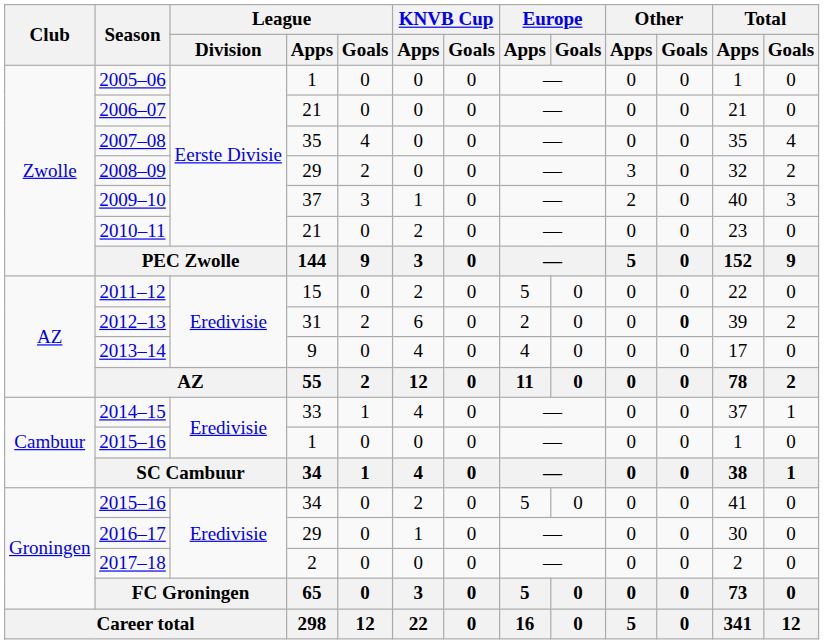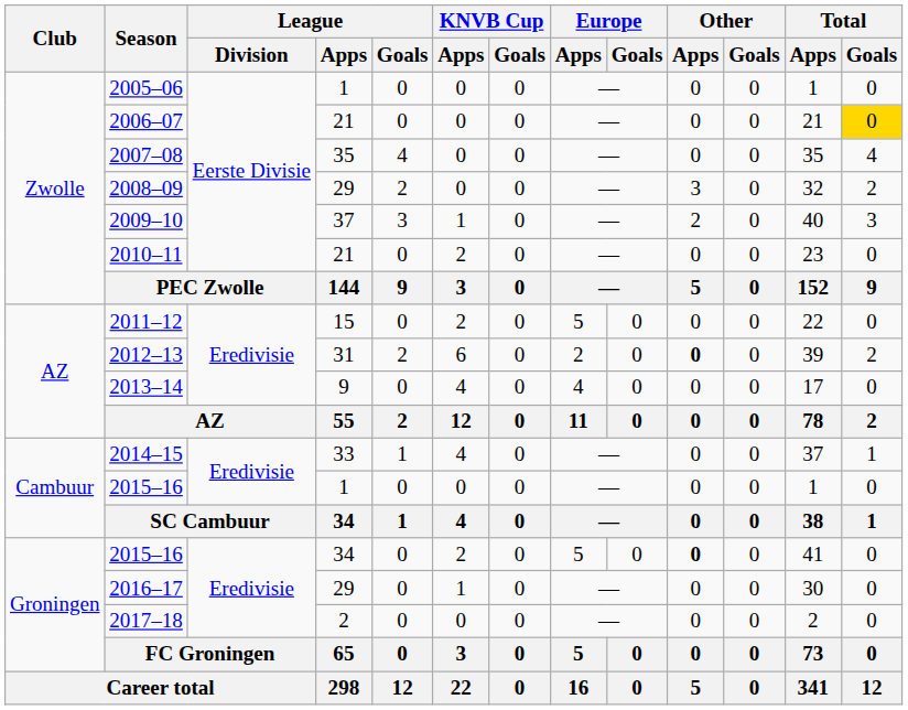 <table class="wikitable" style="text-align:center">
 <tr>
 <th rowspan="2">Club</th>
 <th rowspan="2">Season</th>
 <th colspan="3">League</th>
 <th colspan="2"><a href='#'>KNVB Cup</a></th>
 <th colspan="2"><a href='#'>Europe</a></th>
 <th colspan="2">Other</th>
 <th colspan="2">Total</th>
 </tr>
 <tr>
 <th>Division</th>
 <th>Apps</th>
 <th>Goals</th>
 <th>Apps</th>
 <th>Goals</th>
 <th>Apps</th>
 <th>Goals</th>
 <th>Apps</th>
 <th>Goals</th>
 <th>Apps</th>
 <th>Goals</th>
 </tr>
 <tr>
 <td rowspan="7"><a href='#'>Zwolle</a></td>
 <td><a href='#'>2005–06</a></td>
 <td rowspan="6"><a href='#'>Eerste Divisie</a></td>
 <td>1</td>
 <td>0</td>
 <td>0</td>
 <td>0</td>
 <td colspan="2">—</td>
 <td>0</td>
 <td>0</td>
 <td>1</td>
 <td>0</td>
 </tr>
 <tr>
 <td><a href='#'>2006–07</a></td>
 <td>21</td>
 <td>0</td>
 <td>0</td>
 <td>0</td>
 <td colspan="2">—</td>
 <td>0</td>
 <td>0</td>
 <td>21</td>
-<td>0</td>
+<td style="background: gold;">0</td>
 </tr>
 <tr>
 <td><a href='#'>2007–08</a></td>
 <td>35</td>
 <td>4</td>
 <td>0</td>
 <td>0</td>
 <td colspan="2">—</td>
 <td>0</td>
 <td>0</td>
 <td>35</td>
 <td>4</td>
 </tr>
 <tr>
 <td><a href='#'>2008–09</a></td>
 <td>29</td>
 <td>2</td>
 <td>0</td>
 <td>0</td>
 <td colspan="2">—</td>
 <td>3</td>
 <td>0</td>
 <td>32</td>
 <td>2</td>
 </tr>
 <tr>
 <td><a href='#'>2009–10</a></td>
 <td>37</td>
 <td>3</td>
 <td>1</td>
 <td>0</td>
 <td colspan="2">—</td>
 <td>2</td>
 <td>0</td>
 <td>40</td>
 <td>3</td>
 </tr>
 <tr>
 <td><a href='#'>2010–11</a></td>
 <td>21</td>
 <td>0</td>
 <td>2</td>
 <td>0</td>
 <td colspan="2">—</td>
 <td>0</td>
 <td>0</td>
 <td>23</td>
 <td>0</td>
 </tr>
 <tr>
 <th colspan="2">PEC Zwolle</th>
 <th>144</th>
 <th>9</th>
 <th>3</th>
 <th>0</th>
 <th colspan="2">—</th>
 <th>5</th>
 <th>0</th>
 <th>152</th>
 <th>9</th>
 </tr>
 <tr>
 <td rowspan="4"><a href='#'>AZ</a></td>
 <td><a href='#'>2011–12</a></td>
 <td rowspan="3"><a href='#'>Eredivisie</a></td>
 <td>15</td>
 <td>0</td>
 <td>2</td>
 <td>0</td>
 <td>5</td>
 <td>0</td>
 <td>0</td>
 <td>0</td>
 <td>22</td>
 <td>0</td>
 </tr>
 <tr>
 <td><a href='#'>2012–13</a></td>
 <td>31</td>
 <td>2</td>
 <td>6</td>
 <td>0</td>
 <td>2</td>
 <td>0</td>
+<td><strong>0</strong></td>
 <td>0</td>
-<td><strong>0</strong></td>
 <td>39</td>
 <td>2</td>
 </tr>
 <tr>
 <td><a href='#'>2013–14</a></td>
 <td>9</td>
 <td>0</td>
 <td>4</td>
 <td>0</td>
 <td>4</td>
 <td>0</td>
 <td>0</td>
 <td>0</td>
 <td>17</td>
 <td>0</td>
 </tr>
 <tr>
 <th colspan="2">AZ</th>
 <th>55</th>
 <th>2</th>
 <th>12</th>
 <th>0</th>
 <th>11</th>
 <th>0</th>
 <th>0</th>
 <th>0</th>
 <th>78</th>
 <th>2</th>
 </tr>
 <tr>
 <td rowspan="3"><a href='#'>Cambuur</a></td>
 <td><a href='#'>2014–15</a></td>
 <td rowspan="2"><a href='#'>Eredivisie</a></td>
 <td>33</td>
 <td>1</td>
 <td>4</td>
 <td>0</td>
 <td colspan="2">—</td>
 <td>0</td>
 <td>0</td>
 <td>37</td>
 <td>1</td>
 </tr>
 <tr>
 <td><a href='#'>2015–16</a></td>
 <td>1</td>
 <td>0</td>
 <td>0</td>
 <td>0</td>
 <td colspan="2">—</td>
 <td>0</td>
 <td>0</td>
 <td>1</td>
 <td>0</td>
 </tr>
 <tr>
 <th colspan="2">SC Cambuur</th>
 <th>34</th>
 <th>1</th>
 <th>4</th>
 <th>0</th>
 <th colspan="2">—</th>
 <th>0</th>
 <th>0</th>
 <th>38</th>
 <th>1</th>
 </tr>
 <tr>
 <td rowspan="4"><a href='#'>Groningen</a></td>
 <td><a href='#'>2015–16</a></td>
 <td rowspan="3"><a href='#'>Eredivisie</a></td>
 <td>34</td>
 <td>0</td>
 <td>2</td>
 <td>0</td>
 <td>5</td>
 <td>0</td>
-<td>0</td>
+<td><strong>0</strong></td>
 <td>0</td>
 <td>41</td>
 <td>0</td>
 </tr>
 <tr>
 <td><a href='#'>2016–17</a></td>
 <td>29</td>
 <td>0</td>
 <td>1</td>
 <td>0</td>
 <td colspan="2">—</td>
 <td>0</td>
 <td>0</td>
 <td>30</td>
 <td>0</td>
 </tr>
 <tr>
 <td><a href='#'>2017–18</a></td>
 <td>2</td>
 <td>0</td>
 <td>0</td>
 <td>0</td>
 <td colspan="2">—</td>
 <td>0</td>
 <td>0</td>
 <td>2</td>
 <td>0</td>
 </tr>
 <tr>
 <th colspan="2">FC Groningen</th>
 <th>65</th>
 <th>0</th>
 <th>3</th>
 <th>0</th>
 <th>5</th>
 <th>0</th>
 <th>0</th>
 <th>0</th>
 <th>73</th>
 <th>0</th>
 </tr>
 <tr>
 <th colspan="3">Career total</th>
 <th>298</th>
 <th>12</th>
 <th>22</th>
 <th>0</th>
 <th>16</th>
 <th>0</th>
 <th>5</th>
 <th>0</th>
 <th>341</th>
 <th>12</th>
 </tr>
 </table>
